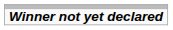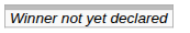 <table class="wikitable">
 <tr>
 <td style="padding: 0 5px;"></td>
 </tr>
 <tr>
 <td style="padding: 0 5px;"></td>
 </tr>
 <tr>
 <td style="padding: 0 5px;"></td>
 </tr>
 <tr>
 <td style="padding: 0 5px;"></td>
 </tr>
 <tr>
 <td style="padding: 0 5px;"></td>
 </tr>
 <tr>
-<td style="padding: 0 5px;"><strong> <em>Winner not yet declared</em></strong></td>
+<td style="padding: 0 5px;"> <em>Winner not yet declared</em></td>
 </tr>
 </table>
